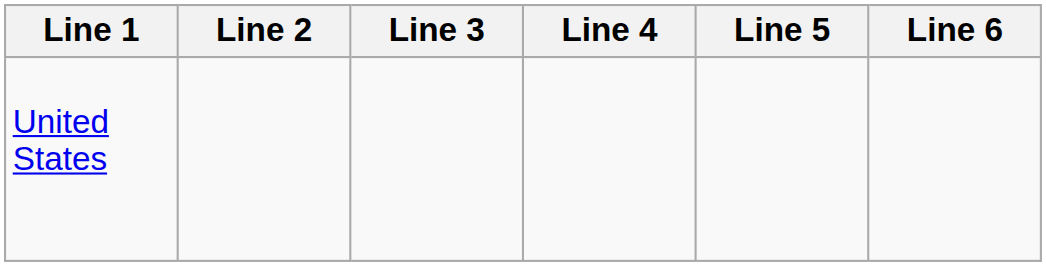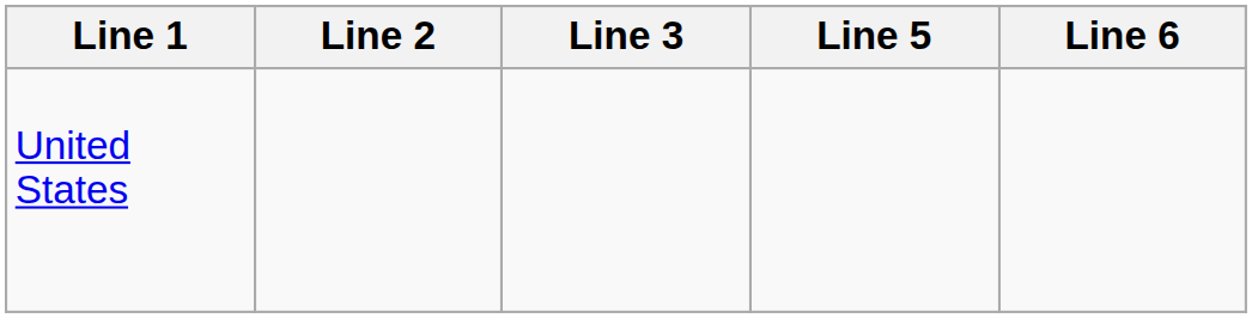 <table class="wikitable" style="width:80%;">
 <tr>
 <th width=15%><strong>Line 1</strong></th>
 <th width=15%><strong>Line 2</strong></th>
 <th width=15%><strong>Line 3</strong></th>
-<th width=15%><strong>Line 4</strong></th>
 <th width=15%><strong>Line 5</strong></th>
 <th width=15%><strong>Line 6</strong></th>
 </tr>
 <tr>
 <td><br> <a href='#'>United States</a><br> <br> <br> </td>
 <td><br><br> <br> <br> </td>
 <td><br><br> <br> <br> </td>
 <td><br><br> <br> <br> </td>
 <td><br><br> <br> <br> </td>
-<td><br><br> <br> <br> </td>
 </tr>
 </table>
